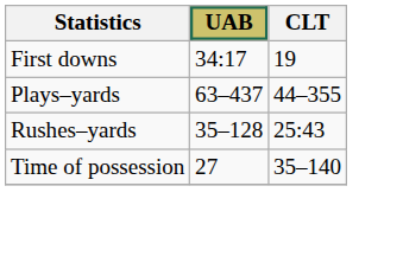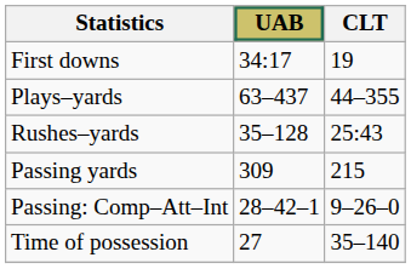 <table class="wikitable" style="float: left;">
 <tr>
 <th>Statistics</th>
 <th style="background-color:#CDC26C;color:#000000;box-shadow: inset 2px 2px 0 #1E6B52, inset -2px -2px 0 #1E6B52">UAB</th>
 <th>CLT</th>
 </tr>
 <tr>
 <td>First downs</td>
 <td>34:17</td>
 <td>19</td>
 </tr>
 <tr>
 <td>Plays–yards</td>
 <td>63–437</td>
 <td>44–355</td>
 </tr>
 <tr>
 <td>Rushes–yards</td>
 <td>35–128</td>
 <td>25:43</td>
 </tr>
 <tr>
+<td>Passing yards</td>
+<td>309</td>
+<td>215</td>
+</tr>
+<tr>
+<td>Passing: Comp–Att–Int</td>
+<td>28–42–1</td>
+<td>9–26–0</td>
+</tr>
+<tr>
 <td>Time of possession</td>
 <td>27</td>
 <td>35–140</td>
 </tr>
 <tr>
 </tr>
 </table>
